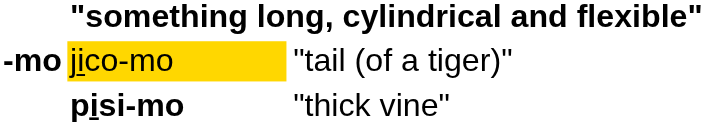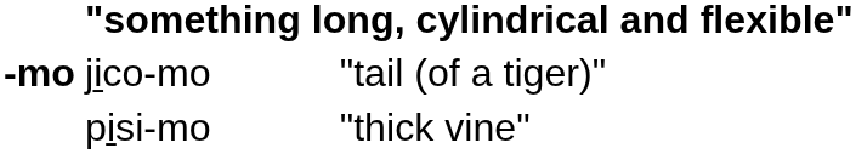 <table>
 <tr>
 <th rowspan="5">-mo</th>
 <th colspan="4">"something long, cylindrical and flexible"</th>
 </tr>
 <tr>
-<td style="background: gold;">ji̱co-mo</td>
+<td>ji̱co-mo</td>
 <td colspan="3">"tail (of a tiger)"</td>
 </tr>
 <tr>
-<td><strong>pi̱si-mo</strong></td>
+<td>pi̱si-mo</td>
 <td colspan="3">"thick vine"</td>
 </tr>
 </table>
